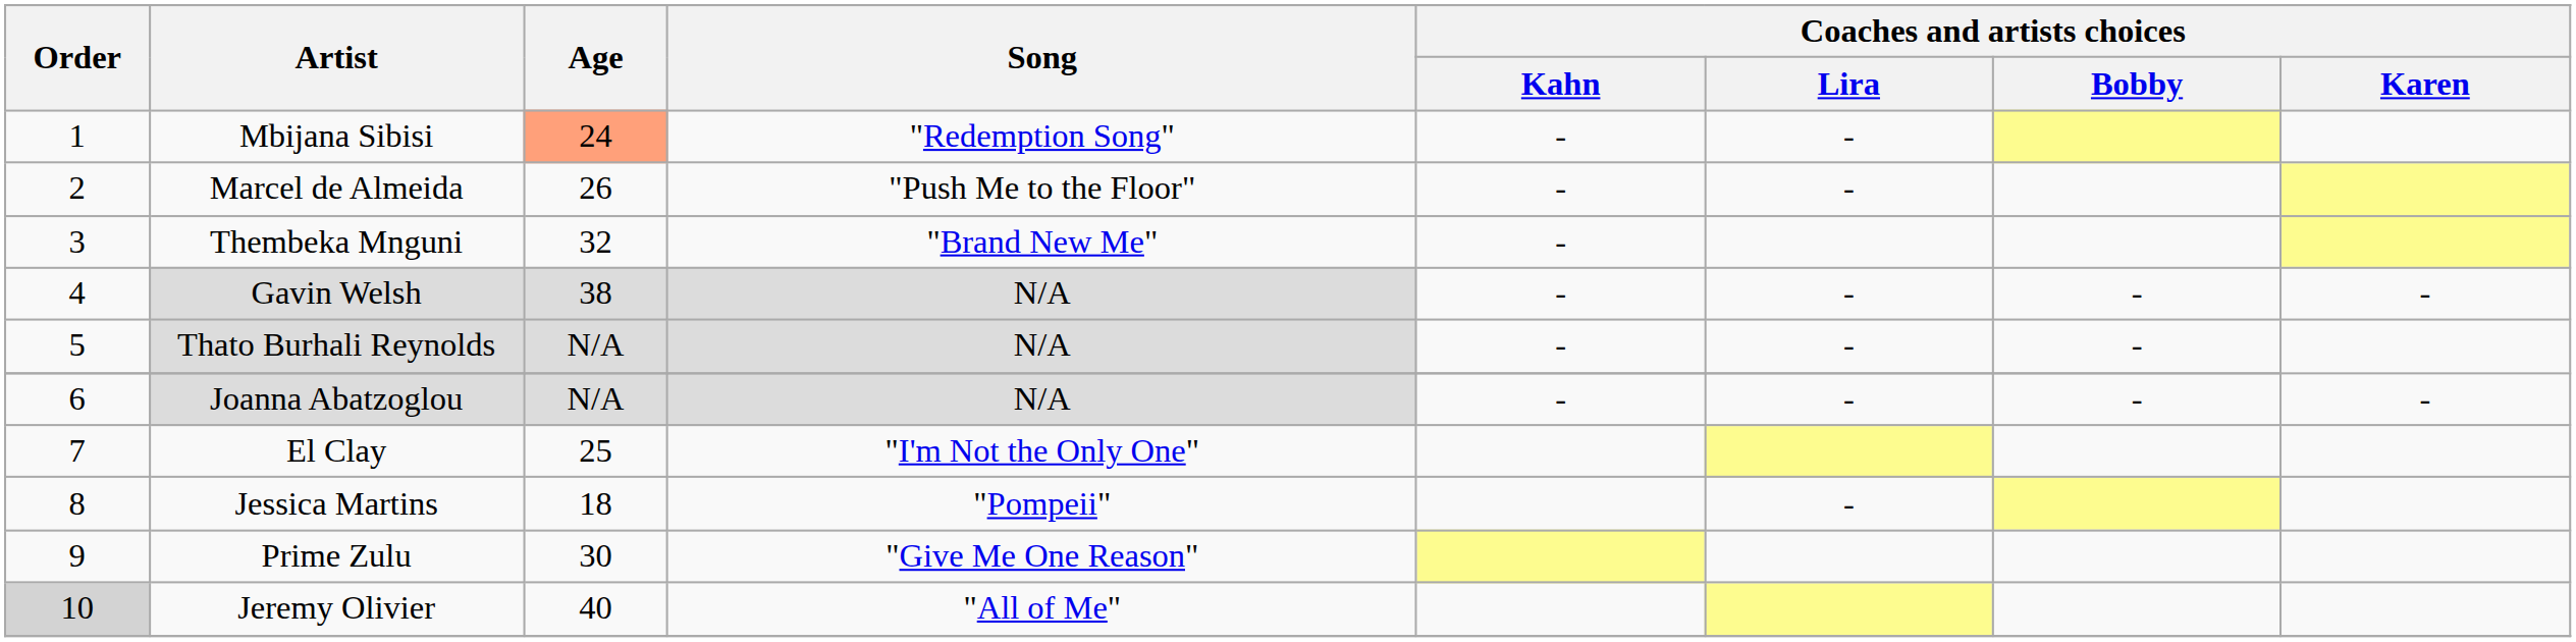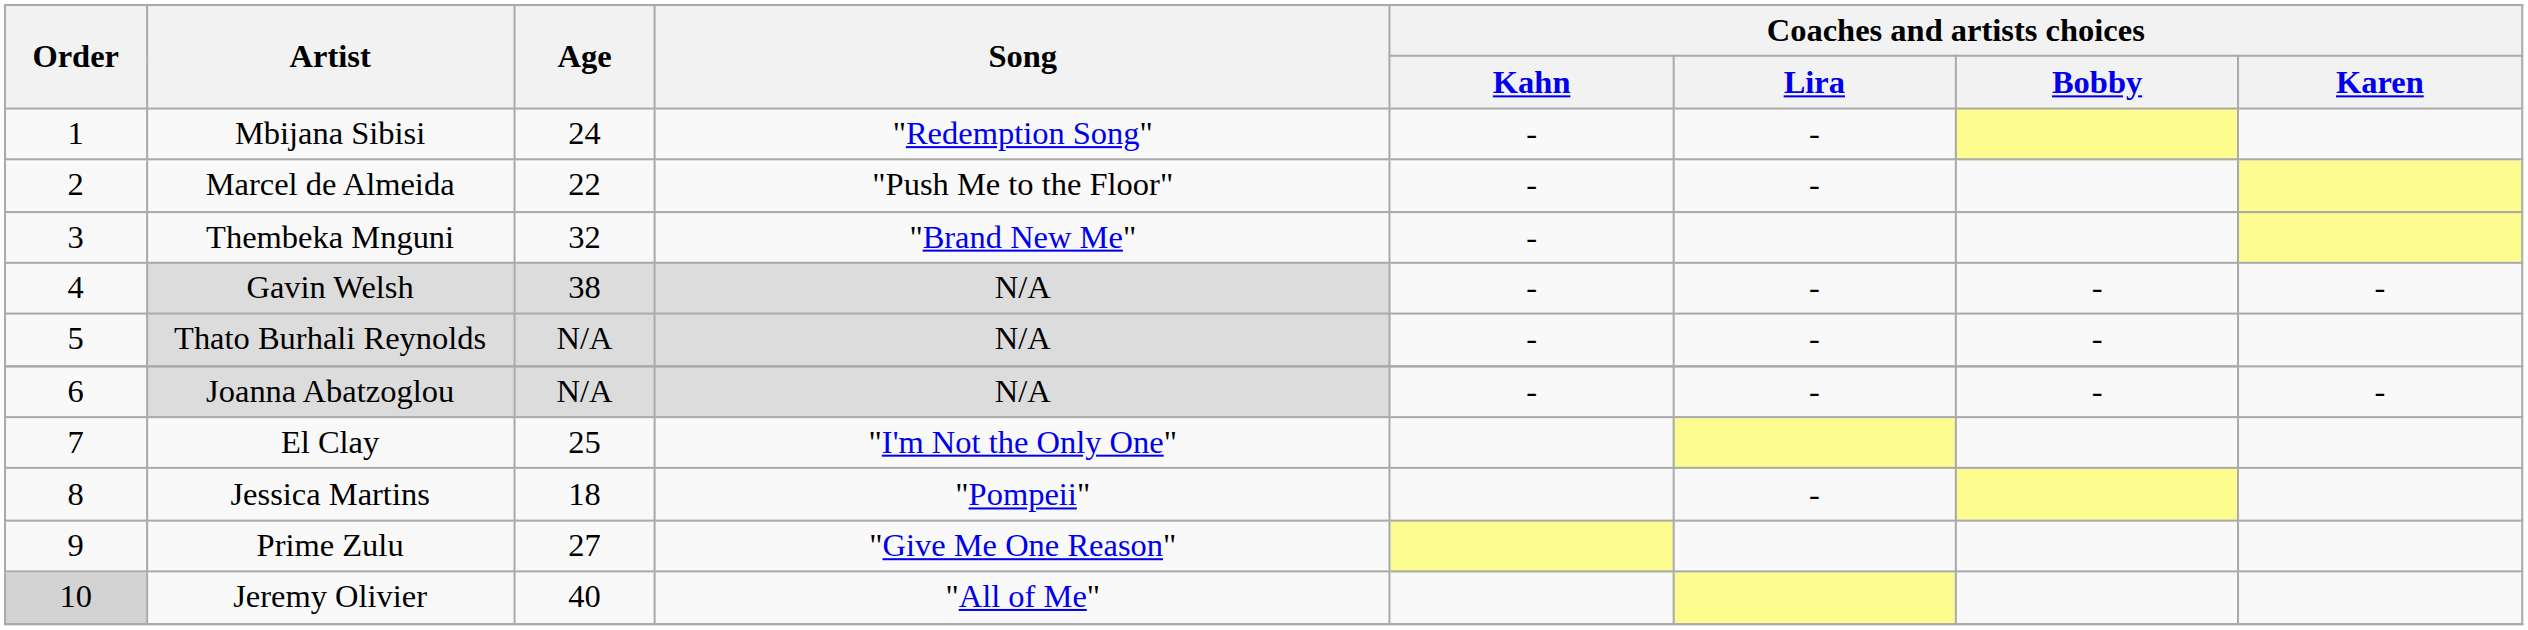 <table class="wikitable plainrowheaders" style="text-align:center;">
 <tr>
 </tr>
 <tr>
 <th scope="col" rowspan="2" style="width:05%;">Order</th>
 <th scope="col" rowspan="2" style="width:13%;">Artist</th>
 <th scope="col" rowspan="2" style="width:05%;">Age</th>
 <th scope="col" rowspan="2" style="width:26%;">Song</th>
 <th colspan="4" style="width:40%;">Coaches and artists choices</th>
 </tr>
 <tr>
 <th style="width:10%;"><a href='#'>Kahn</a></th>
 <th style="width:10%;"><a href='#'>Lira</a></th>
 <th style="width:10%;"><a href='#'>Bobby</a></th>
 <th style="width:10%;"><a href='#'>Karen</a></th>
 </tr>
 <tr>
 <td>1</td>
 <td>Mbijana Sibisi</td>
-<td style="background: lightsalmon;">24</td>
+<td>24</td>
 <td>"<a href='#'>Redemption Song</a>"</td>
 <td>-</td>
 <td>-</td>
 <td style="background:#fdfc8f;"><strong></strong></td>
 <td><strong></strong></td>
 </tr>
 <tr>
 <td>2</td>
 <td>Marcel de Almeida</td>
-<td>26</td>
+<td>22</td>
 <td>"Push Me to the Floor"</td>
 <td>-</td>
 <td>-</td>
 <td><strong></strong></td>
 <td style="background:#fdfc8f;"><strong></strong></td>
 </tr>
 <tr>
 <td>3</td>
 <td>Thembeka Mnguni</td>
 <td>32</td>
 <td>"<a href='#'>Brand New Me</a>"</td>
 <td>-</td>
 <td><strong></strong></td>
 <td><strong></strong></td>
 <td style="background:#fdfc8f;"><strong></strong></td>
 </tr>
 <tr>
 <td>4</td>
 <td style="background:#DCDCDC; text-align:center;">Gavin Welsh</td>
 <td style="background:#DCDCDC; text-align:center;">38</td>
 <td style="background:#DCDCDC; text-align:center;">N/A</td>
 <td>-</td>
 <td>-</td>
 <td>-</td>
 <td>-</td>
 </tr>
 <tr>
 <td>5</td>
 <td style="background:#DCDCDC; text-align:center;">Thato Burhali Reynolds</td>
 <td style="background:#DCDCDC; text-align:center;">N/A</td>
 <td style="background:#DCDCDC; text-align:center;">N/A</td>
 <td>-</td>
 <td>-</td>
 <td>-</td>
 </tr>
 <tr ->
 </tr>
 <tr>
 <td>6</td>
 <td style="background:#DCDCDC; text-align:center;">Joanna Abatzoglou</td>
 <td style="background:#DCDCDC; text-align:center;">N/A</td>
 <td style="background:#DCDCDC; text-align:center;">N/A</td>
 <td>-</td>
 <td>-</td>
 <td>-</td>
 <td>-</td>
 </tr>
 <tr>
 <td>7</td>
 <td>El Clay</td>
 <td>25</td>
 <td>"<a href='#'>I'm Not the Only One</a>"</td>
 <td><strong></strong></td>
 <td style="background:#fdfc8f;"><strong></strong></td>
 <td><strong></strong></td>
 <td><strong></strong></td>
 </tr>
 <tr>
 <td>8</td>
 <td>Jessica Martins</td>
 <td>18</td>
 <td>"<a href='#'>Pompeii</a>"</td>
 <td><strong></strong></td>
 <td>-</td>
 <td style="background:#fdfc8f;"><strong></strong></td>
 <td><strong></strong></td>
 </tr>
 <tr>
 <td>9</td>
 <td>Prime Zulu</td>
-<td>30</td>
+<td>27</td>
 <td>"<a href='#'>Give Me One Reason</a>"</td>
 <td style="background:#fdfc8f;"><strong></strong></td>
 <td><strong></strong></td>
 <td><strong></strong></td>
 <td><strong></strong></td>
 </tr>
 <tr>
 <td style="background: lightgrey;">10</td>
 <td>Jeremy Olivier</td>
 <td>40</td>
 <td>"<a href='#'>All of Me</a>"</td>
 <td><strong></strong></td>
 <td style="background:#fdfc8f;"><strong></strong></td>
 <td><strong></strong></td>
 <td><strong></strong></td>
 </tr>
 <tr>
 </tr>
 </table>
